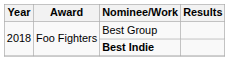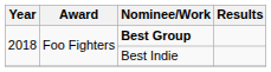 <table class="wikitable">
 <tr>
 <th>Year</th>
 <th>Award</th>
 <th>Nominee/Work</th>
 <th>Results</th>
 </tr>
 <tr>
 <td rowspan="2">2018</td>
 <td rowspan="2">Foo Fighters</td>
-<td>Best Group</td>
+<td><strong>Best Group</strong></td>
 <td></td>
 </tr>
 <tr>
-<td><strong>Best Indie</strong></td>
+<td>Best Indie</td>
 <td></td>
 </tr>
 <tr>
 </tr>
 </table>
